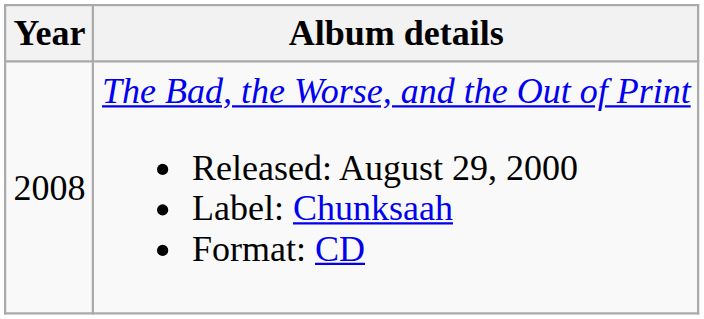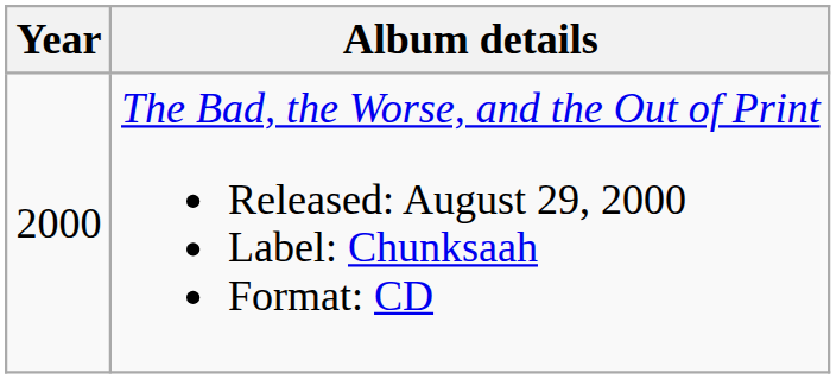 <table class ="wikitable">
 <tr>
 <th>Year</th>
 <th>Album details</th>
 </tr>
 <tr>
-<td>2008</td>
+<td>2000</td>
 <td><em><a href='#'>The Bad, the Worse, and the Out of Print</a></em><br><ul><li>Released: August 29, 2000</li><li>Label: <a href='#'>Chunksaah</a></li><li>Format: <a href='#'>CD</a></li></ul></td>
 </tr>
 </table>
